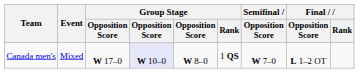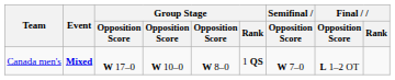 <table class="wikitable" style="font-size:90%">
 <tr>
 <th rowspan=2>Team</th>
 <th rowspan=2>Event</th>
 <th colspan=4>Group Stage</th>
 <th>Semifinal / </th>
 <th colspan=2>Final /  / </th>
 </tr>
 <tr style="font-size:95%">
 <th>Opposition<br>Score</th>
 <th>Opposition<br>Score</th>
 <th>Opposition<br>Score</th>
 <th>Rank</th>
 <th>Opposition<br>Score</th>
 <th>Opposition<br>Score</th>
 <th>Rank</th>
 </tr>
 <tr align=center>
 <td align=left><a href='#'>Canada men's</a></td>
-<td><a href='#'>Mixed</a></td>
+<td><strong><a href='#'>Mixed</a></strong></td>
 <td><br> <strong>W</strong> 17–0</td>
-<td style="background: lavender;"><br> <strong>W</strong> 10–0</td>
+<td><br> <strong>W</strong> 10–0</td>
 <td><br> <strong>W</strong> 8–0</td>
 <td>1 <strong>QS</strong></td>
 <td><br> <strong>W</strong> 7–0</td>
 <td><br> <strong>L</strong> 1–2 OT</td>
 <td></td>
 </tr>
 </table>
